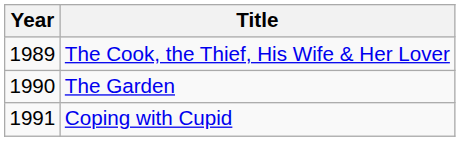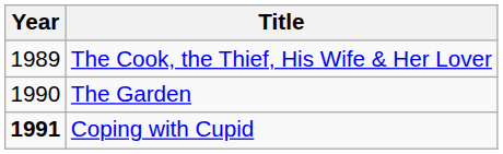 <table class="wikitable">
 <tr>
 <th>Year</th>
 <th>Title</th>
 </tr>
 <tr>
 <td>1989</td>
 <td><a href='#'>The Cook, the Thief, His Wife & Her Lover</a></td>
 </tr>
 <tr>
 <td>1990</td>
 <td><a href='#'>The Garden</a></td>
 </tr>
 <tr>
-<td>1991</td>
+<td><strong>1991</strong></td>
 <td><a href='#'>Coping with Cupid</a></td>
 </tr>
 </table>
